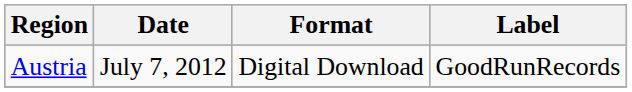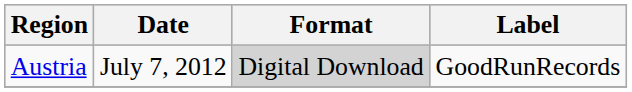 <table class=wikitable>
 <tr>
 <th>Region</th>
 <th>Date</th>
 <th>Format</th>
 <th>Label</th>
 </tr>
 <tr>
 <td><a href='#'>Austria</a></td>
 <td>July 7, 2012</td>
-<td>Digital Download</td>
+<td style="background: lightgrey;">Digital Download</td>
 <td>GoodRunRecords</td>
 </tr>
 <tr>
 </tr>
 </table>
